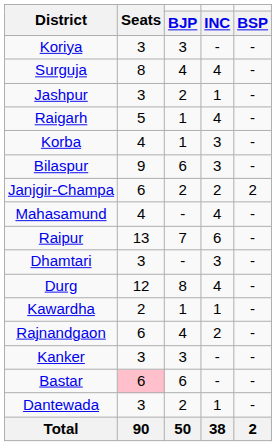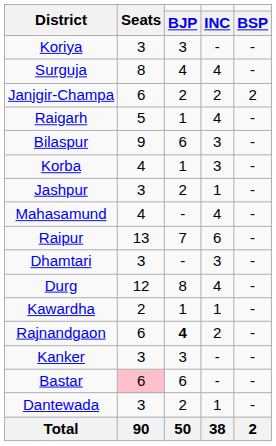 <table class="wikitable" style="text-align:center;">
 <tr>
 <th rowspan="2" class="wikitable">District</th>
 <th rowspan="2" class="wikitable">Seats</th>
 <td></td>
 <td></td>
 <td></td>
 </tr>
 <tr>
 <th class="wikitable"><a href='#'>BJP</a></th>
 <th class="wikitable"><a href='#'>INC</a></th>
 <th class="wikitable"><a href='#'>BSP</a></th>
 </tr>
 <tr>
 <td><a href='#'>Koriya</a></td>
 <td>3</td>
 <td>3</td>
 <td>-</td>
 <td>-</td>
 </tr>
 <tr>
 <td><a href='#'>Surguja</a></td>
 <td>8</td>
 <td>4</td>
 <td>4</td>
 <td>-</td>
 </tr>
 <tr>
-<td><a href='#'>Jashpur</a></td>
-<td>3</td>
+<td><a href='#'>Janjgir-Champa</a></td>
+<td>6</td>
 <td>2</td>
-<td>1</td>
-<td>-</td>
+<td>2</td>
+<td>2</td>
 </tr>
 <tr>
 <td><a href='#'>Raigarh</a></td>
 <td>5</td>
 <td>1</td>
 <td>4</td>
+<td>-</td>
+</tr>
+<tr>
+<td><a href='#'>Bilaspur</a></td>
+<td>9</td>
+<td>6</td>
+<td>3</td>
 <td>-</td>
 </tr>
 <tr>
 <td><a href='#'>Korba</a></td>
 <td>4</td>
 <td>1</td>
 <td>3</td>
 <td>-</td>
 </tr>
 <tr>
-<td><a href='#'>Bilaspur</a></td>
-<td>9</td>
-<td>6</td>
+<td><a href='#'>Jashpur</a></td>
 <td>3</td>
+<td>2</td>
+<td>1</td>
 <td>-</td>
-</tr>
-<tr>
-<td><a href='#'>Janjgir-Champa</a></td>
-<td>6</td>
-<td>2</td>
-<td>2</td>
-<td>2</td>
 </tr>
 <tr>
 <td><a href='#'>Mahasamund</a></td>
 <td>4</td>
 <td>-</td>
 <td>4</td>
 <td>-</td>
 </tr>
 <tr>
 <td><a href='#'>Raipur</a></td>
 <td>13</td>
 <td>7</td>
 <td>6</td>
 <td>-</td>
 </tr>
 <tr>
 <td><a href='#'>Dhamtari</a></td>
 <td>3</td>
 <td>-</td>
 <td>3</td>
 <td>-</td>
 </tr>
 <tr>
 <td><a href='#'>Durg</a></td>
 <td>12</td>
 <td>8</td>
 <td>4</td>
 <td>-</td>
 </tr>
 <tr>
 <td><a href='#'>Kawardha</a></td>
 <td>2</td>
 <td>1</td>
 <td>1</td>
 <td>-</td>
 </tr>
 <tr>
 <td><a href='#'>Rajnandgaon</a></td>
 <td>6</td>
-<td>4</td>
+<td><strong>4</strong></td>
 <td>2</td>
 <td>-</td>
 </tr>
 <tr>
 <td><a href='#'>Kanker</a></td>
 <td>3</td>
 <td>3</td>
 <td>-</td>
 <td>-</td>
 </tr>
 <tr>
 <td><a href='#'>Bastar</a></td>
 <td style="background: pink;">6</td>
 <td>6</td>
 <td>-</td>
 <td>-</td>
 </tr>
 <tr>
 <td><a href='#'>Dantewada</a></td>
 <td>3</td>
 <td>2</td>
 <td>1</td>
 <td>-</td>
 </tr>
 <tr>
 <th>Total</th>
 <th>90</th>
 <th>50</th>
 <th>38</th>
 <th>2</th>
 </tr>
 </table>
